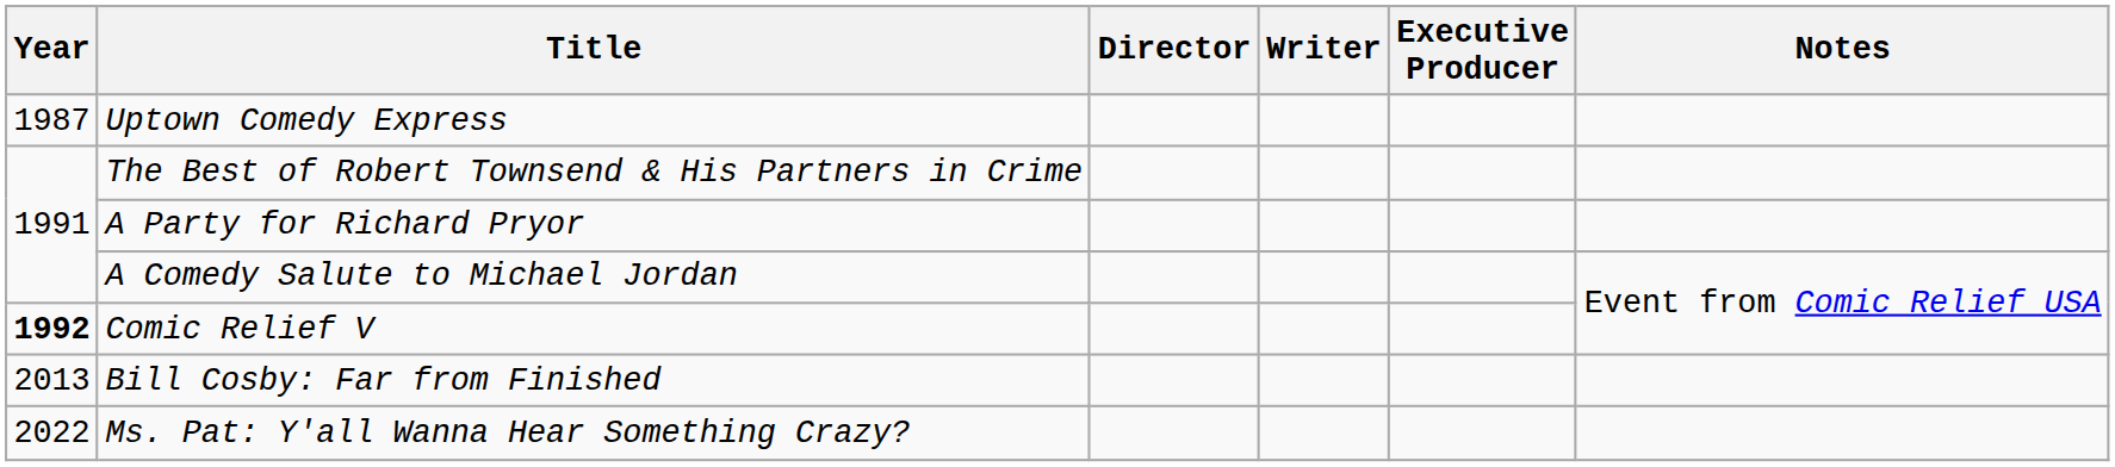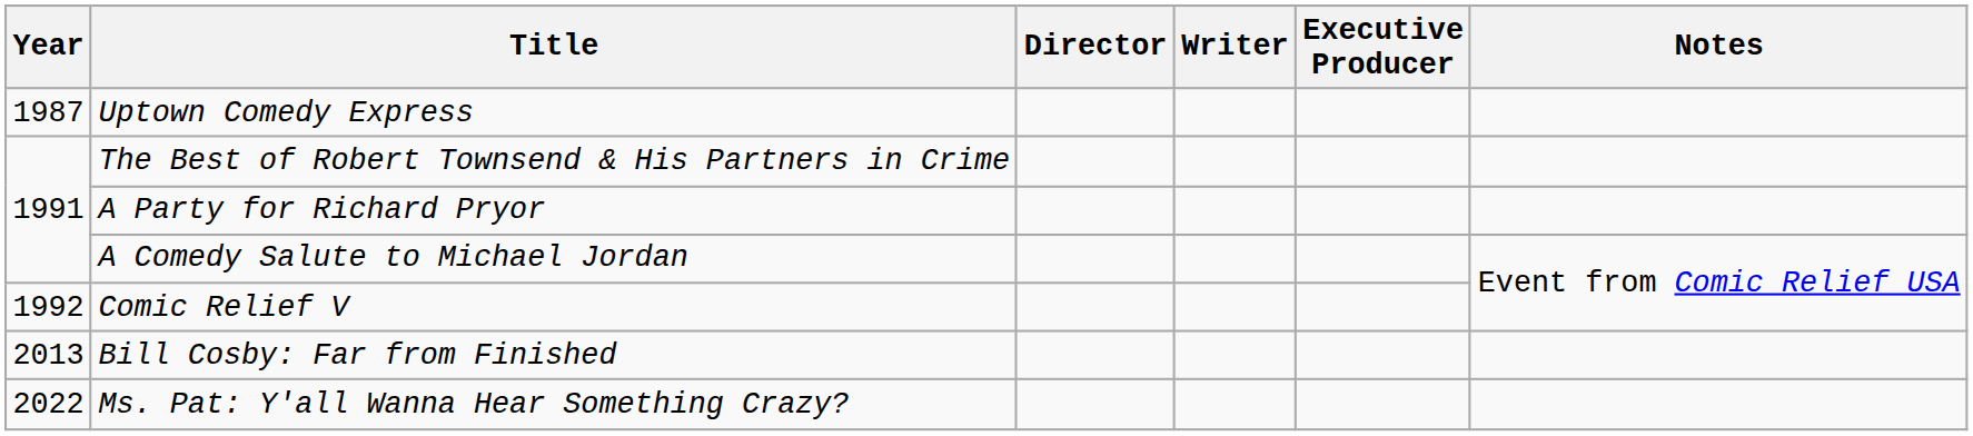 <table class="wikitable">
 <tr>
 <th>Year</th>
 <th>Title</th>
 <th>Director</th>
 <th>Writer</th>
 <th>Executive<br>Producer</th>
 <th>Notes</th>
 </tr>
 <tr>
 <td>1987</td>
 <td><em>Uptown Comedy Express</em></td>
 <td></td>
 <td></td>
 <td></td>
 <td></td>
 </tr>
 <tr>
 <td rowspan=3>1991</td>
 <td><em>The Best of Robert Townsend & His Partners in Crime</em></td>
 <td></td>
 <td></td>
 <td></td>
 <td></td>
 </tr>
 <tr>
 <td><em>A Party for Richard Pryor</em></td>
 <td></td>
 <td></td>
 <td></td>
 <td></td>
 </tr>
 <tr>
 <td><em>A Comedy Salute to Michael Jordan</em></td>
 <td></td>
 <td></td>
 <td></td>
 <td rowspan=2>Event from <em><a href='#'>Comic Relief USA</a></em></td>
 </tr>
 <tr>
-<td><strong>1992</strong></td>
+<td>1992</td>
 <td><em>Comic Relief V</em></td>
 <td></td>
 <td></td>
 <td></td>
 </tr>
 <tr>
 <td>2013</td>
 <td><em>Bill Cosby: Far from Finished</em></td>
 <td></td>
 <td></td>
 <td></td>
 <td></td>
 </tr>
 <tr>
 <td>2022</td>
 <td><em>Ms. Pat: Y'all Wanna Hear Something Crazy?</em></td>
 <td></td>
 <td></td>
 <td></td>
 <td></td>
 </tr>
 </table>
